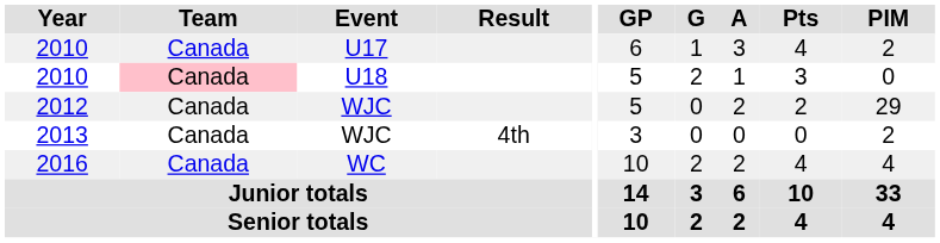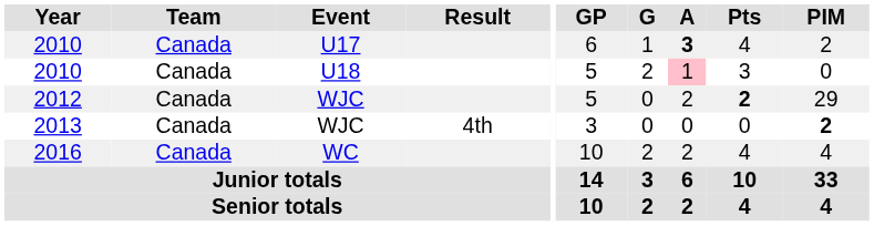 <table border="0" cellpadding="1" cellspacing="0" ID="Table3" style="text-align:center; width:40em">
 <tr ALIGN="center" bgcolor="#e0e0e0">
 <th>Year</th>
 <th>Team</th>
 <th>Event</th>
 <th>Result</th>
 <th rowspan="99" bgcolor="#ffffff"></th>
 <th>GP</th>
 <th>G</th>
 <th>A</th>
 <th>Pts</th>
 <th>PIM</th>
 </tr>
 <tr bgcolor="#f0f0f0">
 <td><a href='#'>2010</a></td>
 <td><a href='#'>Canada</a></td>
 <td><a href='#'>U17</a></td>
 <td></td>
 <td>6</td>
 <td>1</td>
-<td>3</td>
+<td><strong>3</strong></td>
 <td>4</td>
 <td>2</td>
 </tr>
 <tr>
 <td><a href='#'>2010</a></td>
-<td style="background: pink;">Canada</td>
+<td>Canada</td>
 <td><a href='#'>U18</a></td>
 <td></td>
 <td>5</td>
 <td>2</td>
-<td>1</td>
+<td style="background: pink;">1</td>
 <td>3</td>
 <td>0</td>
 </tr>
 <tr bgcolor="#f0f0f0">
 <td><a href='#'>2012</a></td>
 <td>Canada</td>
 <td><a href='#'>WJC</a></td>
 <td></td>
 <td>5</td>
 <td>0</td>
 <td>2</td>
-<td>2</td>
+<td><strong>2</strong></td>
 <td>29</td>
 </tr>
 <tr>
 <td><a href='#'>2013</a></td>
 <td>Canada</td>
 <td>WJC</td>
 <td>4th</td>
 <td>3</td>
 <td>0</td>
 <td>0</td>
 <td>0</td>
-<td>2</td>
+<td><strong>2</strong></td>
 </tr>
 <tr bgcolor="#f0f0f0">
 <td><a href='#'>2016</a></td>
 <td><a href='#'>Canada</a></td>
 <td><a href='#'>WC</a></td>
 <td></td>
 <td>10</td>
 <td>2</td>
 <td>2</td>
 <td>4</td>
 <td>4</td>
 </tr>
 <tr>
 </tr>
 <tr ALIGN="center" bgcolor="#e0e0e0">
 <th colspan=4>Junior totals</th>
 <th>14</th>
 <th>3</th>
 <th>6</th>
 <th>10</th>
 <th>33</th>
 </tr>
 <tr ALIGN="center" bgcolor="#e0e0e0">
 <th colspan=4>Senior totals</th>
 <th>10</th>
 <th>2</th>
 <th>2</th>
 <th>4</th>
 <th>4</th>
 </tr>
 </table>
